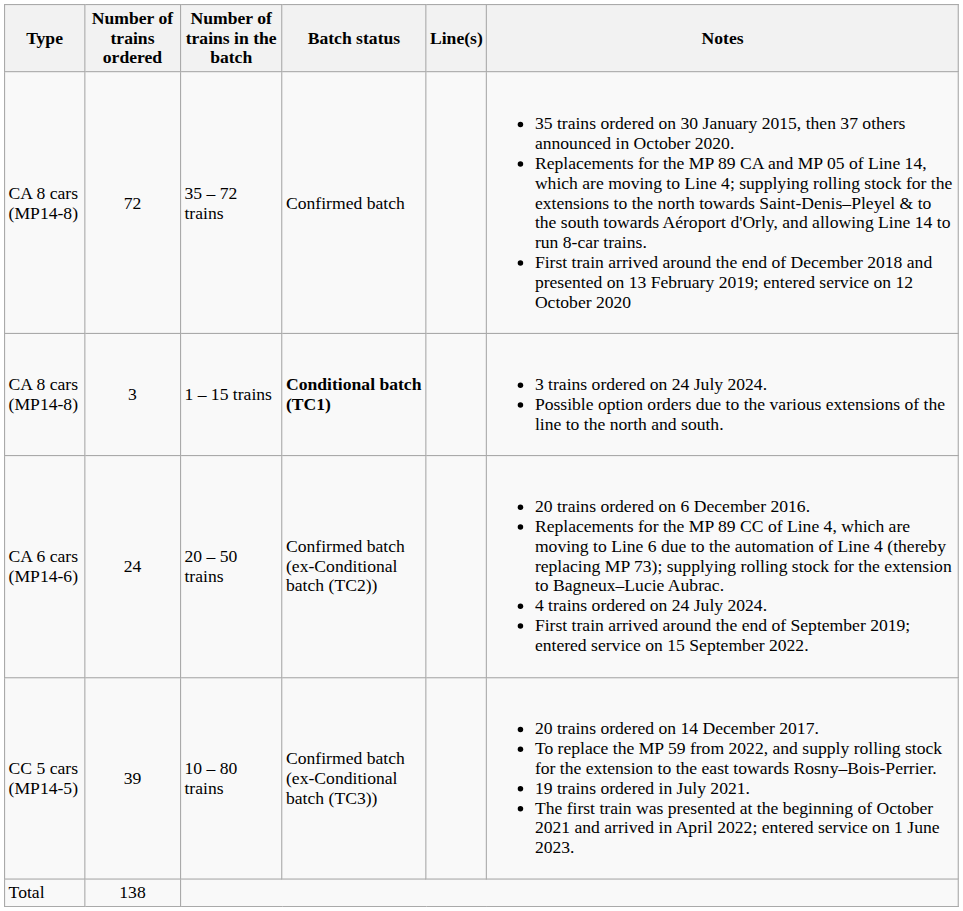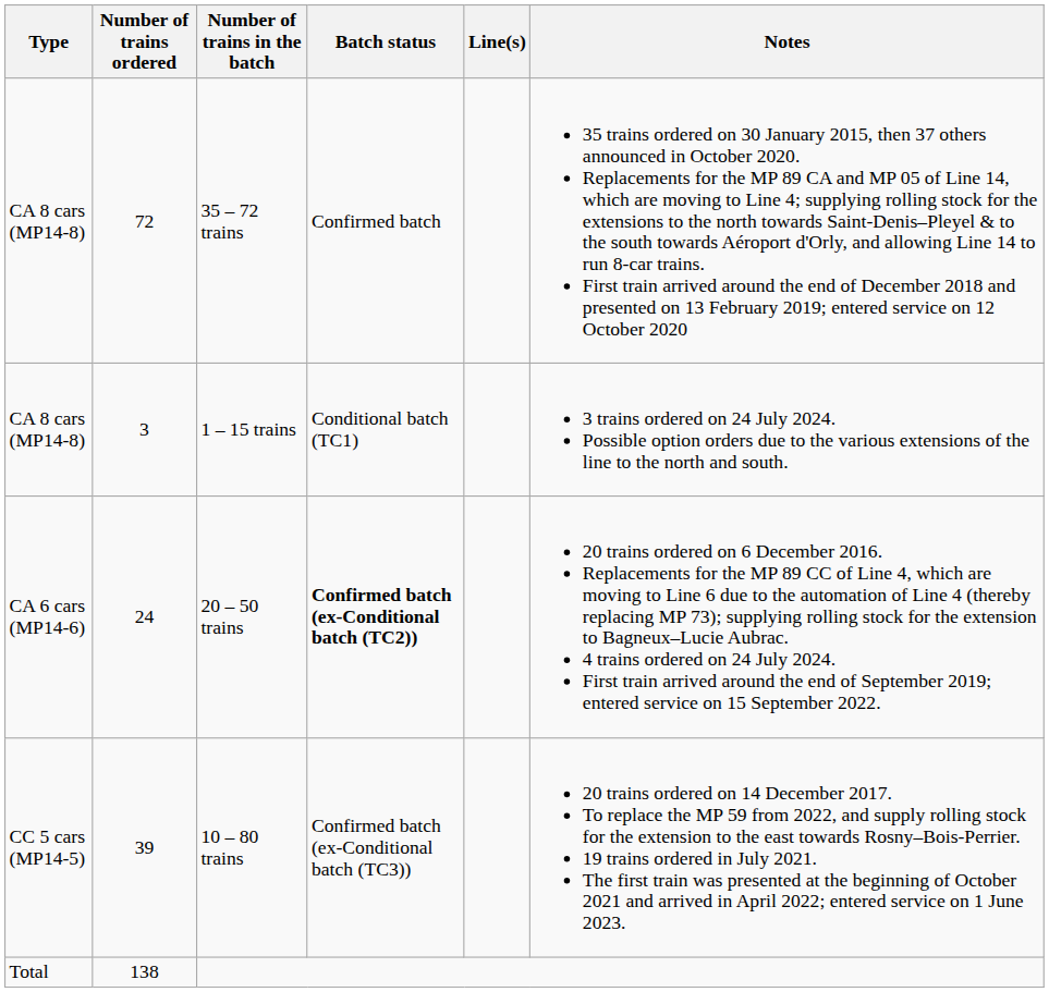 <table class="wikitable">
 <tr>
 <th>Type</th>
 <th>Number of trains ordered</th>
 <th>Number of trains in the batch</th>
 <th>Batch status</th>
 <th>Line(s)</th>
 <th>Notes</th>
 </tr>
 <tr>
 <td>CA 8 cars (MP14-8)</td>
 <td style="text-align:center;">72</td>
 <td>35 – 72 trains</td>
 <td>Confirmed batch</td>
 <td> </td>
 <td><br><ul><li>35 trains ordered on 30 January 2015, then 37 others announced in October 2020.</li><li>Replacements for the MP 89 CA and MP 05 of Line 14, which are moving to Line 4; supplying rolling stock for the extensions to the north towards Saint-Denis–Pleyel & to the south towards Aéroport d'Orly, and allowing Line 14 to run 8-car trains.</li><li>First train arrived around the end of December 2018 and presented on 13 February 2019; entered service on 12 October 2020</li></ul></td>
 </tr>
 <tr>
 <td>CA 8 cars (MP14-8)</td>
 <td style="text-align:center;">3</td>
 <td>1 – 15 trains</td>
-<td><strong>Conditional batch (TC1)</strong></td>
+<td>Conditional batch (TC1)</td>
 <td> </td>
 <td><br><ul><li>3 trains ordered on 24 July 2024.</li><li>Possible option orders due to the various extensions of the line to the north and south.</li></ul></td>
 </tr>
 <tr>
 <td>CA 6 cars (MP14-6)</td>
 <td style="text-align:center;">24</td>
 <td>20 – 50 trains</td>
-<td>Confirmed batch<br>(ex-Conditional batch (TC2))</td>
+<td><strong>Confirmed batch<br>(ex-Conditional batch (TC2))</strong></td>
 <td> </td>
 <td><br><ul><li>20 trains ordered on 6 December 2016.</li><li>Replacements for the MP 89 CC of Line 4, which are moving to Line 6 due to the automation of Line 4 (thereby replacing MP 73); supplying rolling stock for the extension to Bagneux–Lucie Aubrac.</li><li>4 trains ordered on 24 July 2024.</li><li>First train arrived around the end of September 2019; entered service on 15 September 2022.</li></ul></td>
 </tr>
 <tr>
 <td>CC 5 cars (MP14-5)</td>
 <td style="text-align:center;">39</td>
 <td>10 – 80 trains</td>
 <td>Confirmed batch (ex-Conditional batch (TC3))</td>
 <td> </td>
 <td><br><ul><li>20 trains ordered on 14 December 2017.</li><li>To replace the MP 59 from 2022, and supply rolling stock for the extension to the east towards Rosny–Bois-Perrier.</li><li>19 trains ordered in July 2021.</li><li>The first train was presented at the beginning of October 2021 and arrived  in April 2022; entered service on 1 June 2023.</li></ul></td>
 </tr>
 <tr>
 <td>Total</td>
 <td style="text-align:center;">138</td>
 <td colspan=4></td>
 </tr>
 </table>
